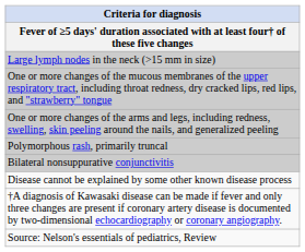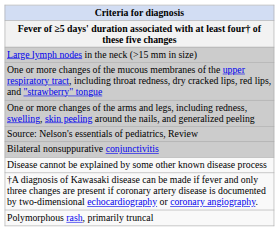 <table class="wikitable"  style="width:35%; float:right;margin-left:15px">
 <tr>
 <th style="background:#D2DDF3;"><span>Criteria for diagnosis</span></th>
 </tr>
 <tr>
 <th>Fever of ≥5 days' duration associated with at least four† of these five changes</th>
 </tr>
 <tr style="background:#ccc; color:black;">
 <td><a href='#'>Large lymph nodes</a> in the neck (>15 mm in size)</td>
 </tr>
 <tr style="background:#ccc; color:black;">
 <td>One or more changes of the mucous membranes of the <a href='#'>upper respiratory tract</a>, including throat redness, dry cracked lips, red lips, and <a href='#'>"strawberry" tongue</a></td>
 </tr>
 <tr style="background:#ccc; color:black;">
 <td>One or more changes of the arms and legs, including redness, <a href='#'>swelling</a>, <a href='#'>skin peeling</a> around the nails, and generalized peeling</td>
 </tr>
 <tr style="background:#ccc; color:black;">
-<td>Polymorphous <a href='#'>rash</a>, primarily truncal</td>
+<td>Source: Nelson's essentials of pediatrics, Review</td>
 </tr>
 <tr style="background:#ccc; color:black;">
 <td>Bilateral nonsuppurative <a href='#'>conjunctivitis</a></td>
 </tr>
 <tr>
 <td>Disease cannot be explained by some other known disease process</td>
 </tr>
 <tr>
 <td>†A diagnosis of Kawasaki disease can be made if fever and only three changes are present if coronary artery disease is documented by two-dimensional <a href='#'>echocardiography</a> or <a href='#'>coronary angiography</a>.</td>
 </tr>
 <tr>
-<td>Source: Nelson's essentials of pediatrics, Review</td>
+<td>Polymorphous <a href='#'>rash</a>, primarily truncal</td>
 </tr>
 </table>
